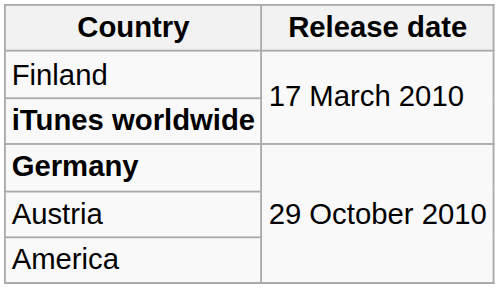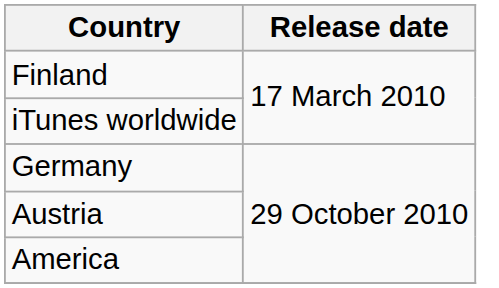 <table class="wikitable">
 <tr>
 <th>Country</th>
 <th>Release date</th>
 </tr>
 <tr>
 <td>Finland</td>
 <td rowspan="2">17 March 2010</td>
 </tr>
 <tr>
-<td><strong>iTunes worldwide</strong></td>
+<td>iTunes worldwide</td>
 </tr>
 <tr>
-<td><strong>Germany</strong></td>
+<td>Germany</td>
 <td rowspan="3">29 October 2010</td>
 </tr>
 <tr>
 <td>Austria</td>
 </tr>
 <tr>
 <td>America</td>
 </tr>
 <tr>
 </tr>
 </table>
